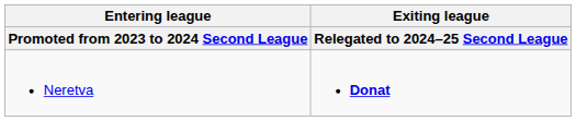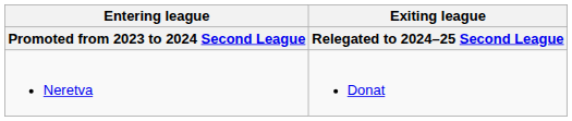 <table class="wikitable">
 <tr>
 <th>Entering league</th>
 <th>Exiting league</th>
 </tr>
 <tr>
 <th>Promoted from 2023 to 2024 <a href='#'>Second League</a></th>
 <th>Relegated to 2024–25 <a href='#'>Second League</a></th>
 </tr>
 <tr style="vertical-align:top;">
 <td><br><ul><li><a href='#'>Neretva</a></li></ul></td>
-<td><strong><br><ul><li><a href='#'>Donat</a></li></ul></strong></td>
+<td><br><ul><li><a href='#'>Donat</a></li></ul></td>
 </tr>
 </table>
